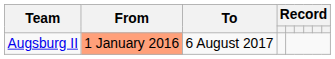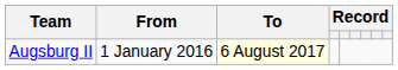 <table class="wikitable" style="text-align: center">
 <tr>
 <th rowspan="2">Team</th>
 <th rowspan="2">From</th>
 <th rowspan="2">To</th>
 <th colspan="6">Record</th>
 </tr>
 <tr>
 <th></th>
 <th></th>
 <th></th>
 <th></th>
 <th></th>
 <th></th>
 </tr>
 <tr>
 <td><a href='#'>Augsburg II</a></td>
-<td style="background: lightsalmon;">1 January 2016</td>
-<td>6 August 2017<br></td>
+<td>1 January 2016</td>
+<td style="background: lightyellow;">6 August 2017<br></td>
 <td></td>
 </tr>
 </table>
